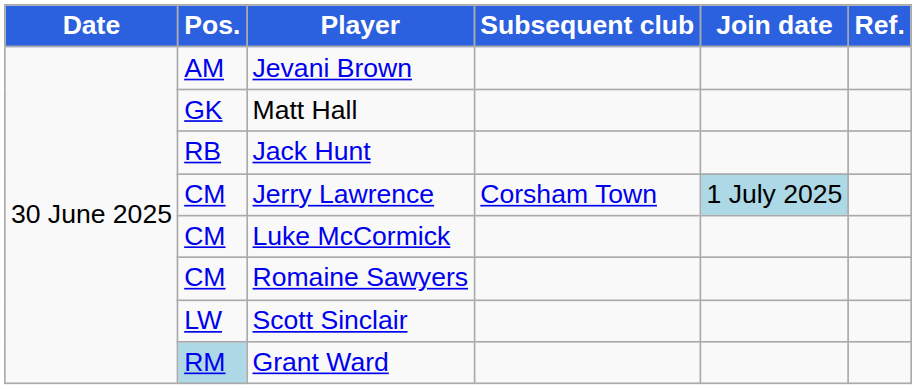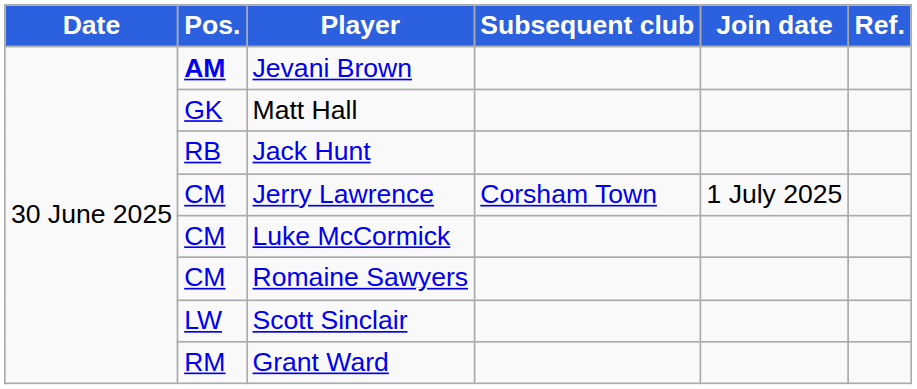 <table class="wikitable plainrowheaders sortable">
 <tr>
 <th style="background:#2B60DE; color:#fff;">Date</th>
 <th style="background:#2B60DE; color:#fff;">Pos.</th>
 <th style="background:#2B60DE; color:#fff;">Player</th>
 <th style="background:#2B60DE; color:#fff;">Subsequent club</th>
 <th style="background:#2B60DE; color:#fff;">Join date</th>
 <th style="background:#2B60DE; color:#fff;">Ref.</th>
 </tr>
 <tr>
 <td rowspan="9">30 June 2025</td>
-<td><a href='#'>AM</a></td>
+<td><strong><a href='#'>AM</a></strong></td>
 <td> <a href='#'>Jevani Brown</a></td>
 <td></td>
 <td></td>
 <td></td>
 </tr>
 <tr>
 <td><a href='#'>GK</a></td>
 <td> Matt Hall</td>
 <td></td>
 <td></td>
 <td></td>
 </tr>
 <tr>
 <td><a href='#'>RB</a></td>
 <td> <a href='#'>Jack Hunt</a></td>
 <td></td>
 <td></td>
 <td></td>
 </tr>
 <tr>
 <td><a href='#'>CM</a></td>
 <td> <a href='#'>Jerry Lawrence</a></td>
 <td> <a href='#'>Corsham Town</a></td>
-<td style="background: lightblue;">1 July 2025</td>
+<td>1 July 2025</td>
 <td></td>
 </tr>
 <tr>
 <td><a href='#'>CM</a></td>
 <td> <a href='#'>Luke McCormick</a></td>
 <td></td>
 <td></td>
 <td></td>
 </tr>
 <tr>
 <td><a href='#'>CM</a></td>
 <td> <a href='#'>Romaine Sawyers</a></td>
 <td></td>
 <td></td>
 <td></td>
 </tr>
 <tr>
 <td><a href='#'>LW</a></td>
 <td> <a href='#'>Scott Sinclair</a></td>
 <td></td>
 <td></td>
 <td></td>
 </tr>
 <tr>
-<td style="background: lightblue;"><a href='#'>RM</a></td>
+<td><a href='#'>RM</a></td>
 <td> <a href='#'>Grant Ward</a></td>
 <td></td>
 <td></td>
 <td></td>
 </tr>
 </table>
